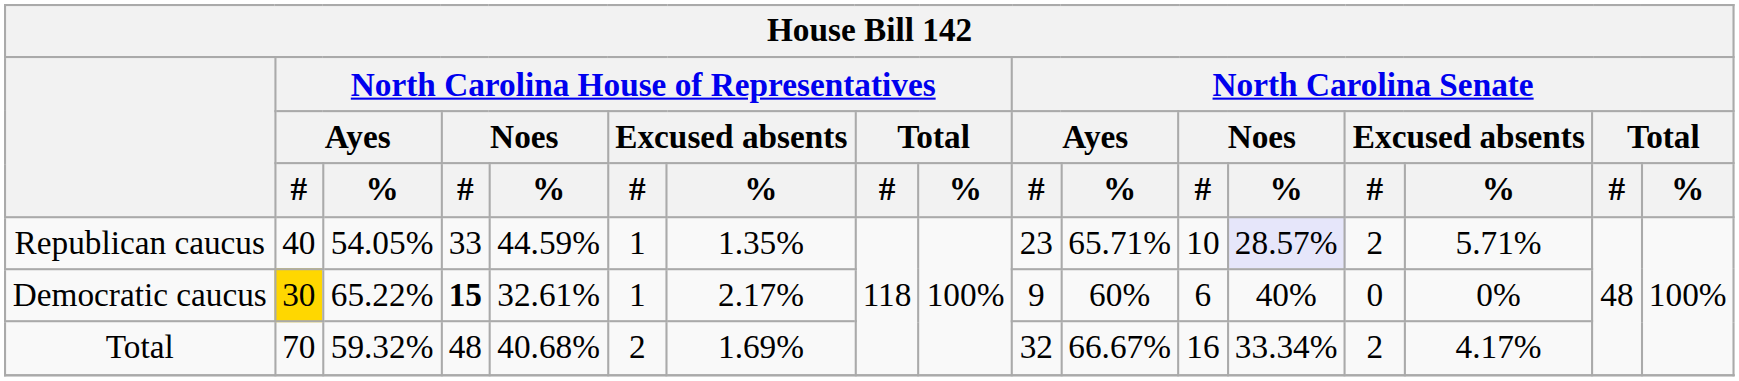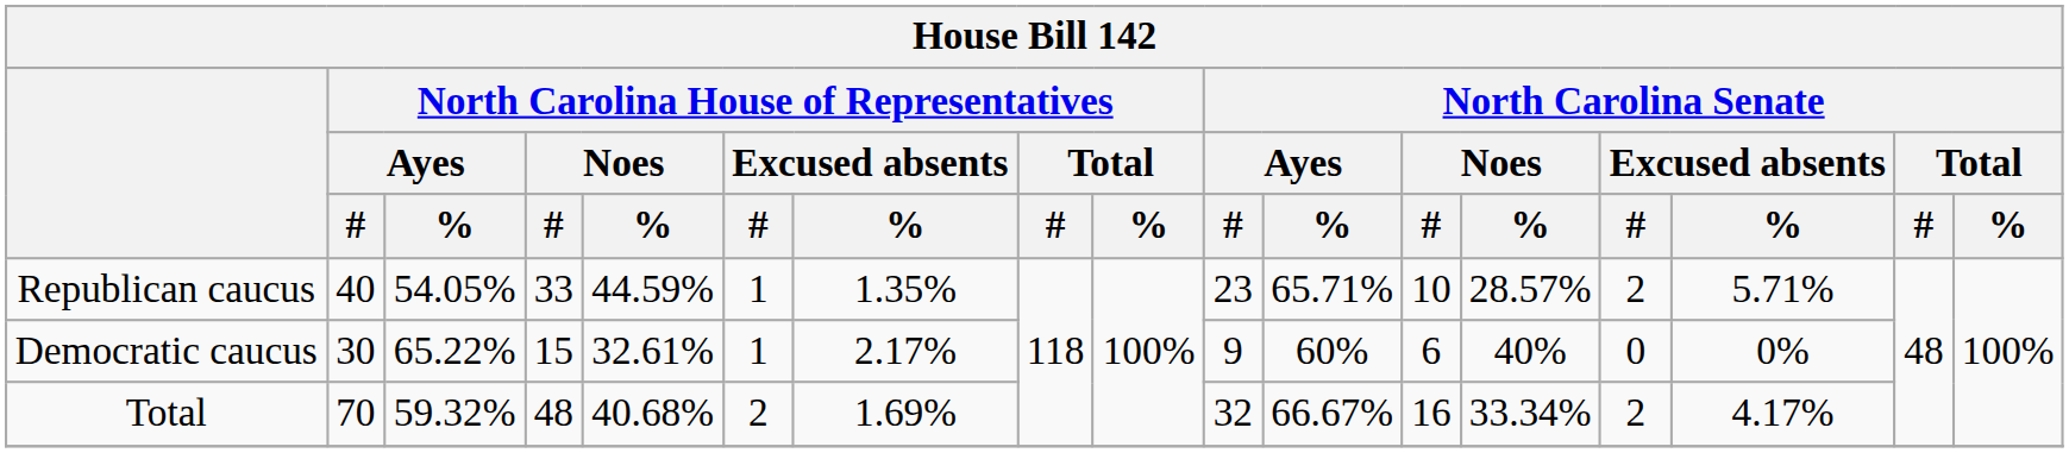 <table class="wikitable sortable" style="text-align: center;">
 <tr>
 <th rowspan=1 colspan=17 align="center">House Bill 142</th>
 </tr>
 <tr>
 <th rowspan=3 colspan=1 align="center"></th>
 <th rowspan=1 colspan=8 align="center"><a href='#'>North Carolina House of Representatives</a></th>
 <th rowspan=1 colspan=8 align="center"><a href='#'>North Carolina Senate</a></th>
 </tr>
 <tr>
 <th rowspan=1 colspan=2 align="center">Ayes</th>
 <th rowspan=1 colspan=2 align="center">Noes</th>
 <th rowspan=1 colspan=2 align="center">Excused absents</th>
 <th rowspan=1 colspan=2 align="center">Total</th>
 <th rowspan=1 colspan=2 align="center">Ayes</th>
 <th rowspan=1 colspan=2 align="center">Noes</th>
 <th rowspan=1 colspan=2 align="center">Excused absents</th>
 <th rowspan=1 colspan=2 align="center">Total</th>
 </tr>
 <tr>
 <th rowspan=1 colspan=1 align="center">#</th>
 <th rowspan=1 colspan=1 align="center">%</th>
 <th rowspan=1 colspan=1 align="center">#</th>
 <th rowspan=1 colspan=1 align="center">%</th>
 <th rowspan=1 colspan=1 align="center">#</th>
 <th rowspan=1 colspan=1 align="center">%</th>
 <th rowspan=1 colspan=1 align="center">#</th>
 <th rowspan=1 colspan=1 align="center">%</th>
 <th rowspan=1 colspan=1 align="center">#</th>
 <th rowspan=1 colspan=1 align="center">%</th>
 <th rowspan=1 colspan=1 align="center">#</th>
 <th rowspan=1 colspan=1 align="center">%</th>
 <th rowspan=1 colspan=1 align="center">#</th>
 <th rowspan=1 colspan=1 align="center">%</th>
 <th rowspan=1 colspan=1 align="center">#</th>
 <th rowspan=1 colspan=1 align="center">%</th>
 </tr>
 <tr>
 <td rowspan=1 colspan=1 align="center">Republican caucus</td>
 <td rowspan=1 colspan=1 align="center">40</td>
 <td rowspan=1 colspan=1 align="center">54.05%</td>
 <td rowspan=1 colspan=1 align="center">33</td>
 <td rowspan=1 colspan=1 align="center">44.59%</td>
 <td rowspan=1 colspan=1 align="center">1</td>
 <td rowspan=1 colspan=1 align="center">1.35%</td>
 <td rowspan=3 colspan=1 align="center">118</td>
 <td rowspan=3 colspan=1 align="center">100%</td>
 <td rowspan=1 colspan=1 align="center">23</td>
 <td rowspan=1 colspan=1 align="center">65.71%</td>
 <td rowspan=1 colspan=1 align="center">10</td>
-<td rowspan=1 colspan=1 align="center" style="background: lavender;">28.57%</td>
+<td rowspan=1 colspan=1 align="center">28.57%</td>
 <td rowspan=1 colspan=1 align="center">2</td>
 <td rowspan=1 colspan=1 align="center">5.71%</td>
 <td rowspan=3 colspan=1 align="center">48</td>
 <td rowspan=3 colspan=1 align="center">100%</td>
 </tr>
 <tr>
 <td rowspan=1 colspan=1 align="center">Democratic caucus</td>
-<td rowspan=1 colspan=1 align="center" style="background: gold;">30</td>
+<td rowspan=1 colspan=1 align="center">30</td>
 <td rowspan=1 colspan=1 align="center">65.22%</td>
-<td rowspan=1 colspan=1 align="center"><strong>15</strong></td>
+<td rowspan=1 colspan=1 align="center">15</td>
 <td rowspan=1 colspan=1 align="center">32.61%</td>
 <td rowspan=1 colspan=1 align="center">1</td>
 <td rowspan=1 colspan=1 align="center">2.17%</td>
 <td rowspan=1 colspan=1 align="center">9</td>
 <td rowspan=1 colspan=1 align="center">60%</td>
 <td rowspan=1 colspan=1 align="center">6</td>
 <td rowspan=1 colspan=1 align="center">40%</td>
 <td rowspan=1 colspan=1 align="center">0</td>
 <td rowspan=1 colspan=1 align="center">0%</td>
 </tr>
 <tr>
 <td rowspan=1 colspan=1 align="center">Total</td>
 <td rowspan=1 colspan=1 align="center">70</td>
 <td rowspan=1 colspan=1 align="center">59.32%</td>
 <td rowspan=1 colspan=1 align="center">48</td>
 <td rowspan=1 colspan=1 align="center">40.68%</td>
 <td rowspan=1 colspan=1 align="center">2</td>
 <td rowspan=1 colspan=1 align="center">1.69%</td>
 <td rowspan=1 colspan=1 align="center">32</td>
 <td rowspan=1 colspan=1 align="center">66.67%</td>
 <td rowspan=1 colspan=1 align="center">16</td>
 <td rowspan=1 colspan=1 align="center">33.34%</td>
 <td rowspan=1 colspan=1 align="center">2</td>
 <td rowspan=1 colspan=1 align="center">4.17%</td>
 </tr>
 <tr>
 </tr>
 </table>
